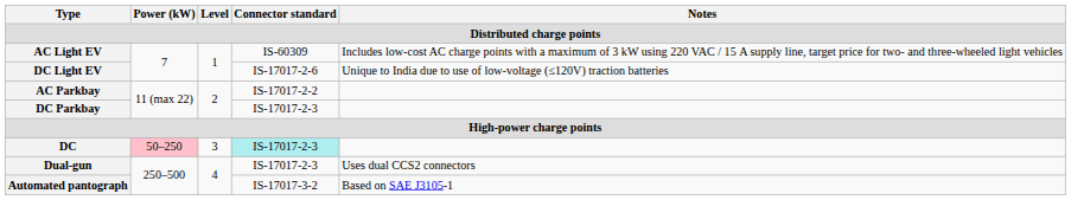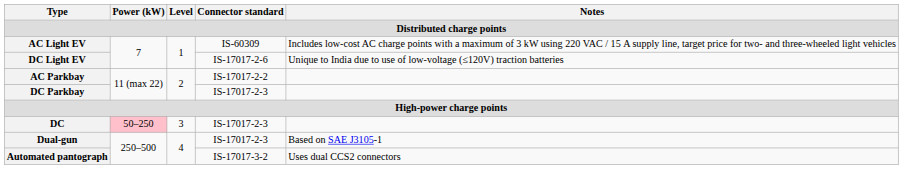 <table class=wikitable sortable style="font-size:100%; text-align:center">
 <tr>
 <th>Type</th>
 <th>Power (kW)</th>
 <th>Level</th>
 <th>Connector standard</th>
 <th>Notes</th>
 </tr>
 <tr>
 <th colspan=5 style="background:#ddd;">Distributed charge points</th>
 </tr>
 <tr>
 <th>AC Light EV</th>
 <td rowspan=2>7</td>
 <td rowspan=2>1</td>
 <td>IS-60309</td>
 <td style="text-align:left;">Includes low-cost AC charge points with a maximum of 3 kW using 220 VAC / 15 A supply line, target price  for two- and three-wheeled light vehicles</td>
 </tr>
 <tr>
 <th>DC Light EV</th>
 <td>IS-17017-2-6</td>
 <td style="text-align:left;">Unique to India due to use of low-voltage (≤120V) traction batteries</td>
 </tr>
 <tr>
 <th>AC Parkbay</th>
 <td rowspan=2>11 (max 22)</td>
 <td rowspan=2>2</td>
 <td>IS-17017-2-2</td>
 <td style="text-align:left;"></td>
 </tr>
 <tr>
 <th>DC Parkbay</th>
 <td>IS-17017-2-3</td>
 <td style="text-align:left;"></td>
 </tr>
 <tr>
 <th colspan=5 style="background:#ddd;">High-power charge points</th>
 </tr>
 <tr>
 <th>DC</th>
 <td style="background: pink;">50–250</td>
 <td>3</td>
-<td style="background: paleturquoise;">IS-17017-2-3</td>
+<td>IS-17017-2-3</td>
 <td style="text-align:left;"></td>
 </tr>
 <tr>
 <th>Dual-gun</th>
 <td rowspan=2>250–500</td>
 <td rowspan=2>4</td>
 <td>IS-17017-2-3</td>
-<td style="text-align:left;">Uses dual CCS2 connectors</td>
+<td style="text-align:left;">Based on <a href='#'>SAE J3105</a>-1</td>
 </tr>
 <tr>
 <th>Automated pantograph</th>
 <td>IS-17017-3-2</td>
-<td style="text-align:left;">Based on <a href='#'>SAE J3105</a>-1</td>
+<td style="text-align:left;">Uses dual CCS2 connectors</td>
 </tr>
 </table>
